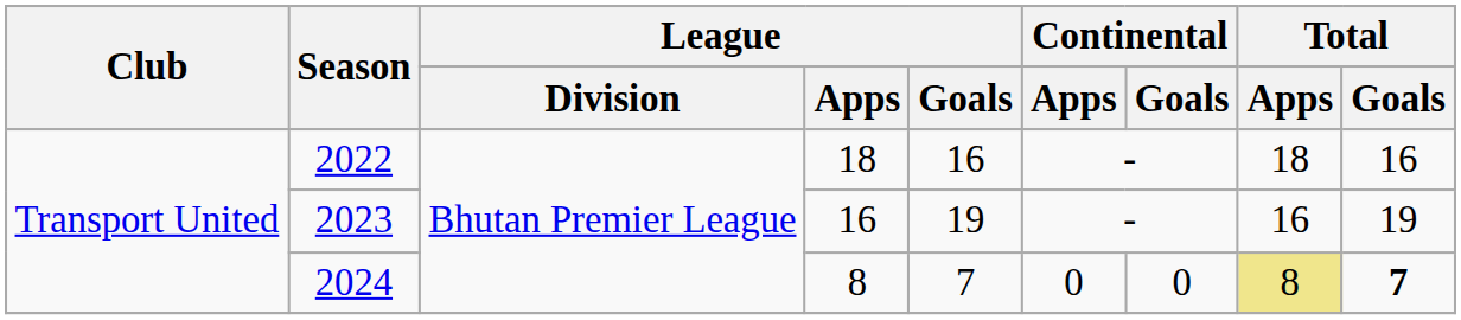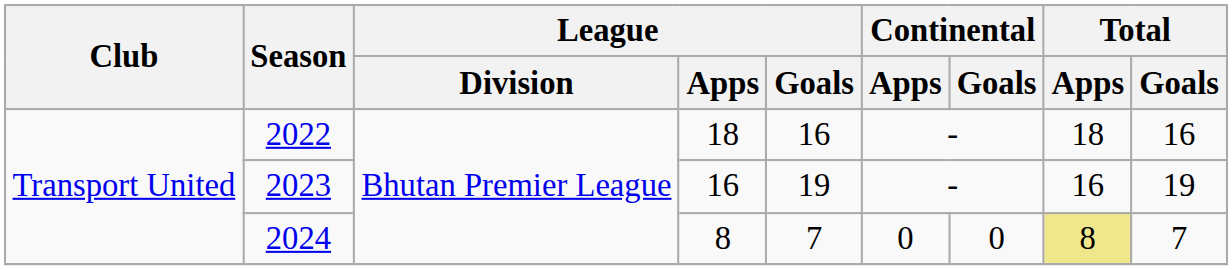 <table class="wikitable" style="text-align:center">
 <tr>
 <th rowspan=2>Club</th>
 <th rowspan=2>Season</th>
 <th colspan=3>League</th>
 <th colspan=2>Continental</th>
 <th colspan=2>Total</th>
 </tr>
 <tr>
 <th>Division</th>
 <th>Apps</th>
 <th>Goals</th>
 <th>Apps</th>
 <th>Goals</th>
 <th>Apps</th>
 <th>Goals</th>
 </tr>
 <tr>
 <td rowspan=3><a href='#'>Transport United</a></td>
 <td><a href='#'>2022</a></td>
 <td rowspan=3><a href='#'>Bhutan Premier League</a></td>
 <td>18</td>
 <td>16</td>
 <td colspan=2>-</td>
 <td>18</td>
 <td>16</td>
 </tr>
 <tr>
 <td><a href='#'>2023</a></td>
 <td>16</td>
 <td>19</td>
 <td colspan=2>-</td>
 <td>16</td>
 <td>19</td>
 </tr>
 <tr>
 <td><a href='#'>2024</a></td>
 <td>8</td>
 <td>7</td>
 <td>0</td>
 <td>0</td>
 <td style="background: khaki;">8</td>
-<td><strong>7</strong></td>
+<td>7</td>
 </tr>
 <tr>
 </tr>
 </table>
